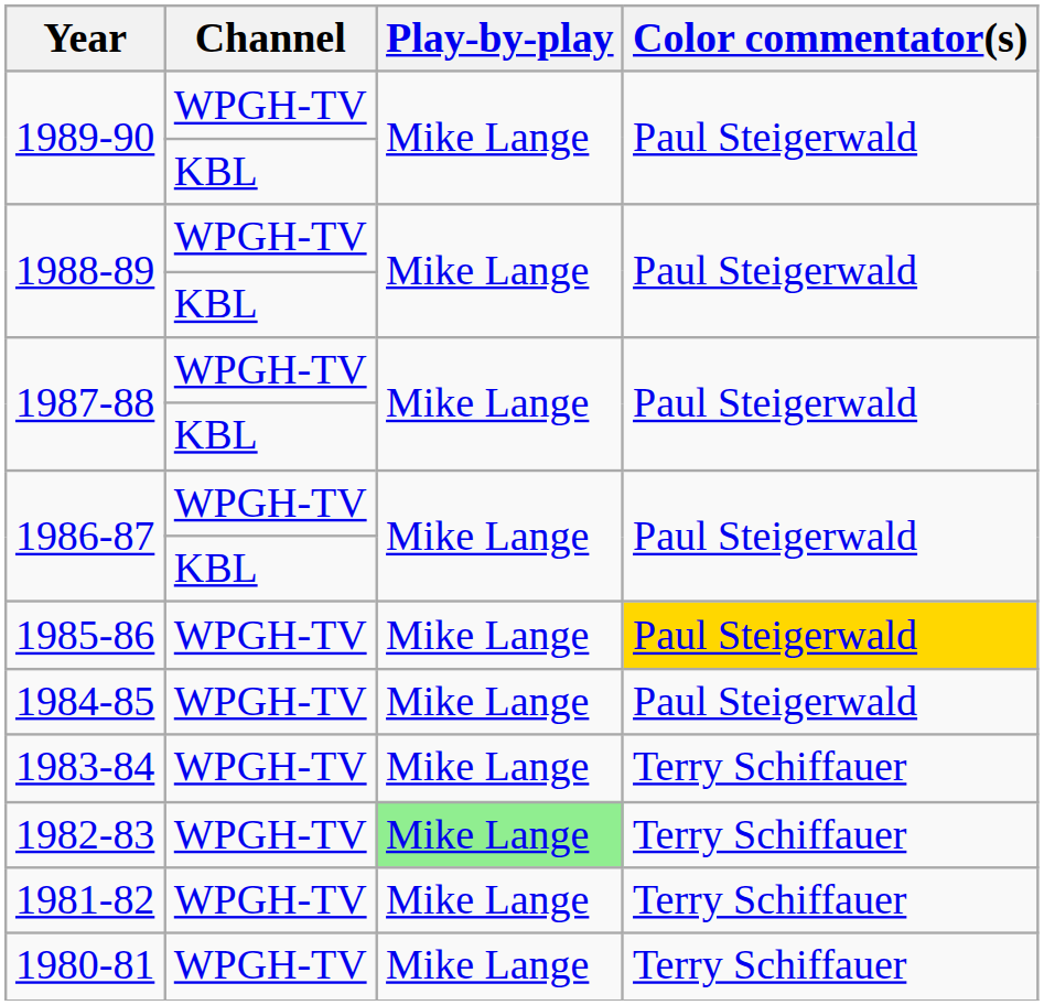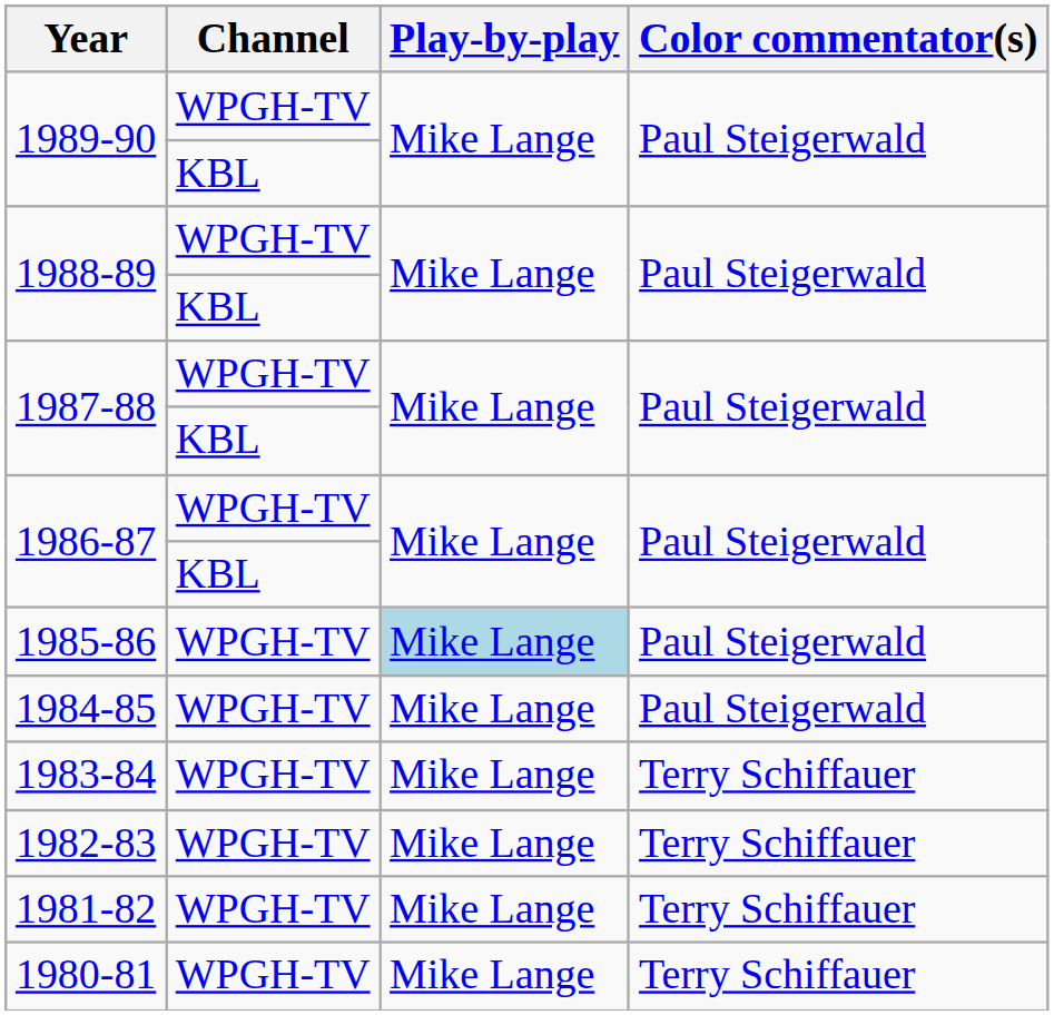 <table class="wikitable">
 <tr>
 <th>Year</th>
 <th>Channel</th>
 <th><a href='#'>Play-by-play</a></th>
 <th><a href='#'>Color commentator</a>(s)</th>
 </tr>
 <tr>
 <td rowspan="2"><a href='#'>1989-90</a></td>
 <td><a href='#'>WPGH-TV</a></td>
 <td rowspan="2"><a href='#'>Mike Lange</a></td>
 <td rowspan="2"><a href='#'>Paul Steigerwald</a></td>
 </tr>
 <tr>
 <td><a href='#'>KBL</a></td>
 </tr>
 <tr>
 <td rowspan="2"><a href='#'>1988-89</a></td>
 <td><a href='#'>WPGH-TV</a></td>
 <td rowspan="2"><a href='#'>Mike Lange</a></td>
 <td rowspan="2"><a href='#'>Paul Steigerwald</a></td>
 </tr>
 <tr>
 <td><a href='#'>KBL</a></td>
 </tr>
 <tr>
 <td rowspan="2"><a href='#'>1987-88</a></td>
 <td><a href='#'>WPGH-TV</a></td>
 <td rowspan="2"><a href='#'>Mike Lange</a></td>
 <td rowspan="2"><a href='#'>Paul Steigerwald</a></td>
 </tr>
 <tr>
 <td><a href='#'>KBL</a></td>
 </tr>
 <tr>
 <td rowspan="2"><a href='#'>1986-87</a></td>
 <td><a href='#'>WPGH-TV</a></td>
 <td rowspan="2"><a href='#'>Mike Lange</a></td>
 <td rowspan="2"><a href='#'>Paul Steigerwald</a></td>
 </tr>
 <tr>
 <td><a href='#'>KBL</a></td>
 </tr>
 <tr>
 <td><a href='#'>1985-86</a></td>
 <td><a href='#'>WPGH-TV</a></td>
-<td><a href='#'>Mike Lange</a></td>
-<td style="background: gold;"><a href='#'>Paul Steigerwald</a></td>
+<td style="background: lightblue;"><a href='#'>Mike Lange</a></td>
+<td><a href='#'>Paul Steigerwald</a></td>
 </tr>
 <tr>
 <td><a href='#'>1984-85</a></td>
 <td><a href='#'>WPGH-TV</a></td>
 <td><a href='#'>Mike Lange</a></td>
 <td><a href='#'>Paul Steigerwald</a></td>
 </tr>
 <tr>
 <td><a href='#'>1983-84</a></td>
 <td><a href='#'>WPGH-TV</a></td>
 <td><a href='#'>Mike Lange</a></td>
 <td><a href='#'>Terry Schiffauer</a></td>
 </tr>
 <tr>
 <td><a href='#'>1982-83</a></td>
 <td><a href='#'>WPGH-TV</a></td>
-<td style="background: lightgreen;"><a href='#'>Mike Lange</a></td>
+<td><a href='#'>Mike Lange</a></td>
 <td><a href='#'>Terry Schiffauer</a></td>
 </tr>
 <tr>
 <td><a href='#'>1981-82</a></td>
 <td><a href='#'>WPGH-TV</a></td>
 <td><a href='#'>Mike Lange</a></td>
 <td><a href='#'>Terry Schiffauer</a></td>
 </tr>
 <tr>
 <td><a href='#'>1980-81</a></td>
 <td><a href='#'>WPGH-TV</a></td>
 <td><a href='#'>Mike Lange</a></td>
 <td><a href='#'>Terry Schiffauer</a></td>
 </tr>
 </table>
